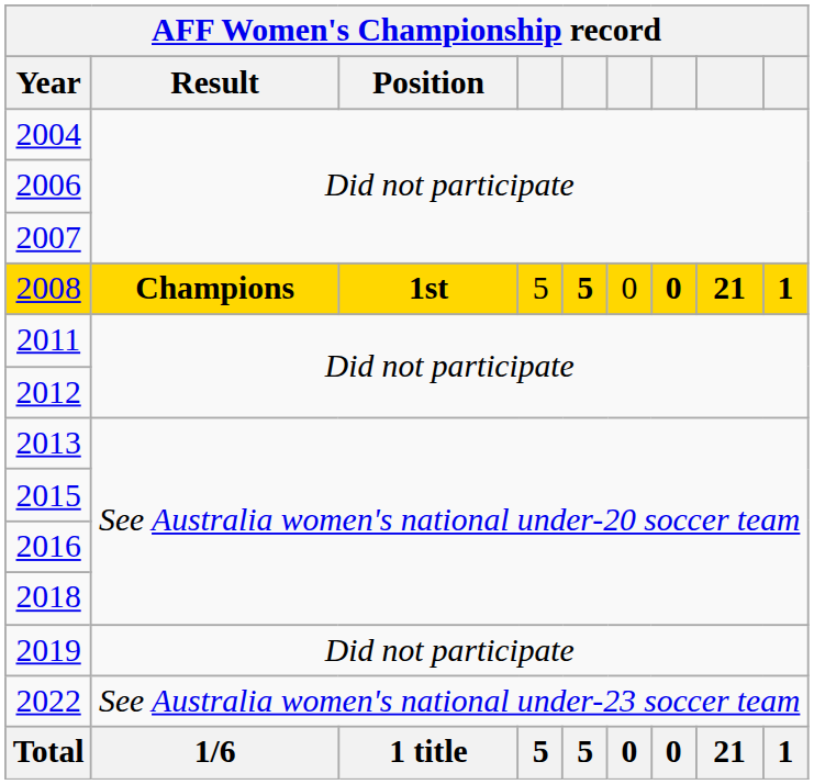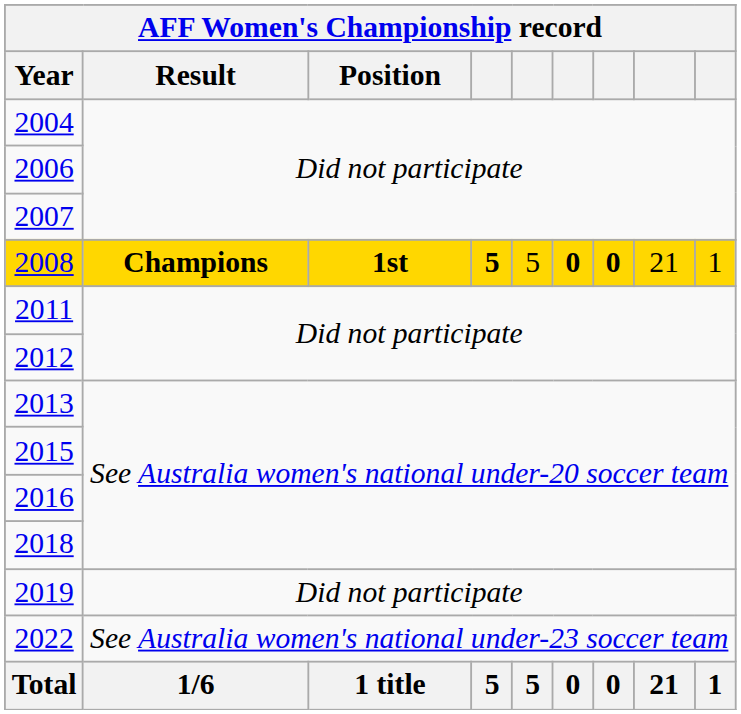 <table class="wikitable" style="text-align: center;">
 <tr>
 <th colspan=9><a href='#'>AFF Women's Championship</a> record</th>
 </tr>
 <tr>
 <th>Year</th>
 <th>Result</th>
 <th>Position</th>
 <th></th>
 <th></th>
 <th></th>
 <th></th>
 <th></th>
 <th></th>
 </tr>
 <tr>
 <td> <a href='#'>2004</a></td>
 <td colspan=8 rowspan=3><em>Did not participate</em></td>
 </tr>
 <tr>
 <td> <a href='#'>2006</a></td>
 </tr>
 <tr>
 <td> <a href='#'>2007</a></td>
 </tr>
 <tr style="background:Gold;">
 <td> <a href='#'>2008</a></td>
 <td><strong>Champions</strong></td>
 <td><strong>1st</strong></td>
+<td><strong>5</strong></td>
 <td>5</td>
-<td><strong>5</strong></td>
-<td>0</td>
 <td><strong>0</strong></td>
-<td><strong>21</strong></td>
-<td><strong>1</strong></td>
+<td><strong>0</strong></td>
+<td>21</td>
+<td>1</td>
 </tr>
 <tr>
 <td> <a href='#'>2011</a></td>
 <td colspan=8 rowspan=2><em>Did not participate</em></td>
 </tr>
 <tr>
 <td> <a href='#'>2012</a></td>
 </tr>
 <tr>
 <td> <a href='#'>2013</a></td>
 <td colspan=8 rowspan=4><em>See <a href='#'>Australia women's national under-20 soccer team</a></em></td>
 </tr>
 <tr>
 <td> <a href='#'>2015</a></td>
 </tr>
 <tr>
 <td> <a href='#'>2016</a></td>
 </tr>
 <tr>
 <td> <a href='#'>2018</a></td>
 </tr>
 <tr>
 <td> <a href='#'>2019</a></td>
 <td colspan=8><em>Did not participate</em></td>
 </tr>
 <tr>
 <td> <a href='#'>2022</a></td>
 <td colspan=8><em>See <a href='#'>Australia women's national under-23 soccer team</a></em></td>
 </tr>
 <tr>
 <th>Total</th>
 <th>1/6</th>
 <th>1 title</th>
 <th>5</th>
 <th>5</th>
 <th>0</th>
 <th>0</th>
 <th>21</th>
 <th>1</th>
 </tr>
 </table>
